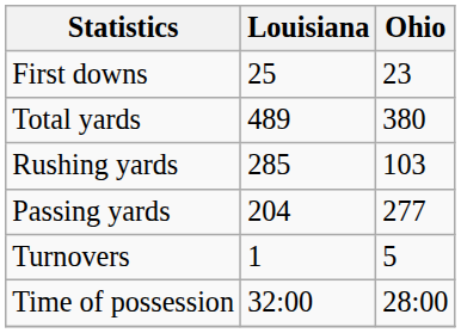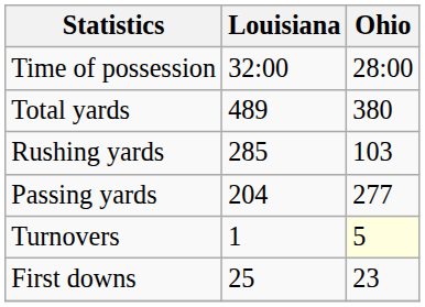 <table class="wikitable">
 <tr>
 <th>Statistics</th>
 <th>Louisiana</th>
 <th>Ohio</th>
 </tr>
 <tr>
-<td>First downs</td>
-<td>25</td>
-<td>23</td>
+<td>Time of possession</td>
+<td>32:00</td>
+<td>28:00</td>
 </tr>
 <tr>
 <td>Total yards</td>
 <td>489</td>
 <td>380</td>
 </tr>
 <tr>
 <td>Rushing yards</td>
 <td>285</td>
 <td>103</td>
 </tr>
 <tr>
 <td>Passing yards</td>
 <td>204</td>
 <td>277</td>
 </tr>
 <tr>
 <td>Turnovers</td>
 <td>1</td>
-<td>5</td>
+<td style="background: lightyellow;">5</td>
 </tr>
 <tr>
-<td>Time of possession</td>
-<td>32:00</td>
-<td>28:00</td>
+<td>First downs</td>
+<td>25</td>
+<td>23</td>
 </tr>
 <tr>
 </tr>
 </table>
